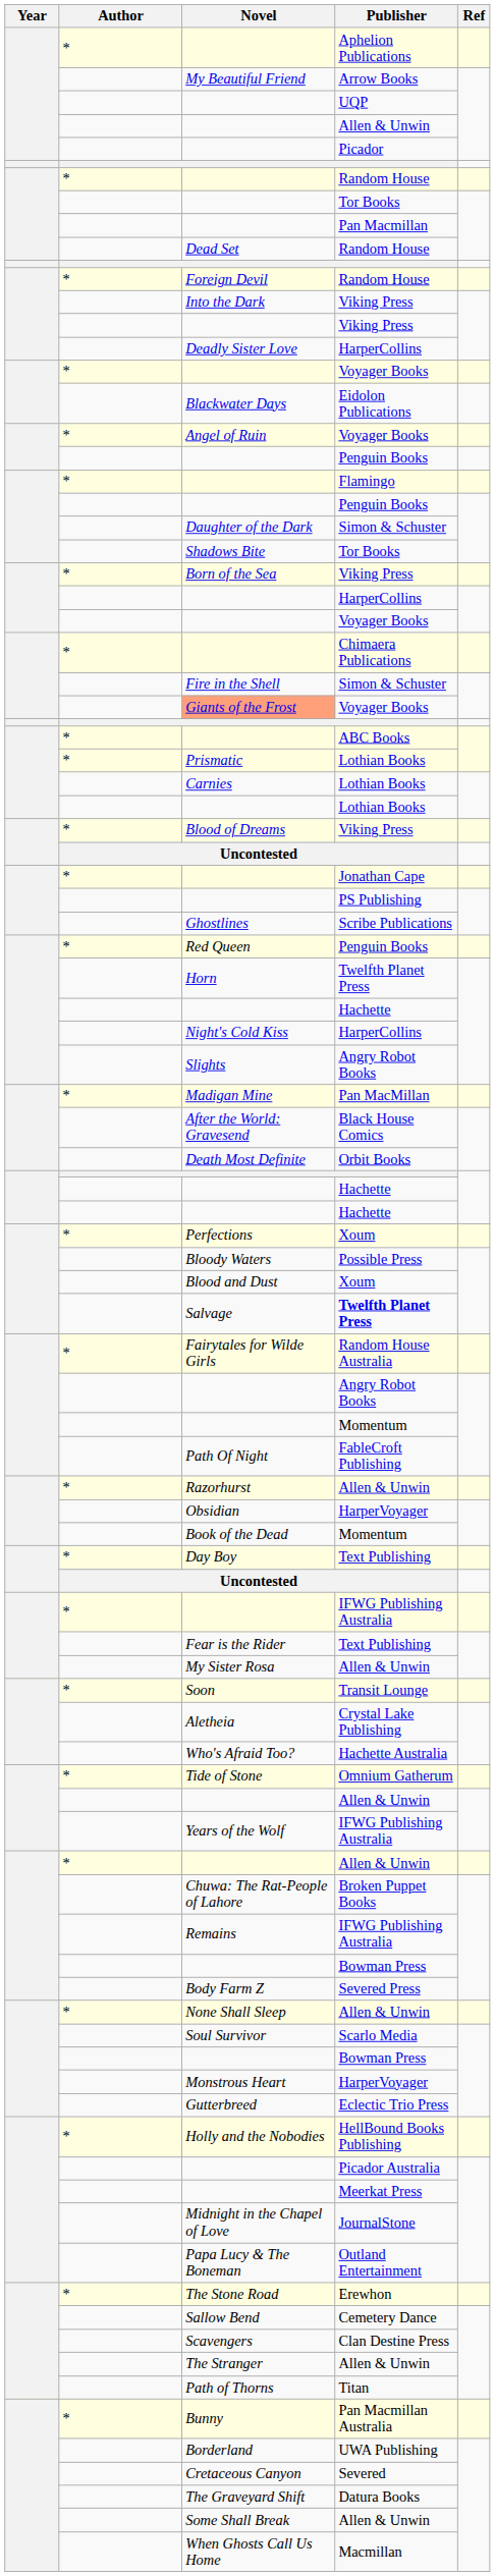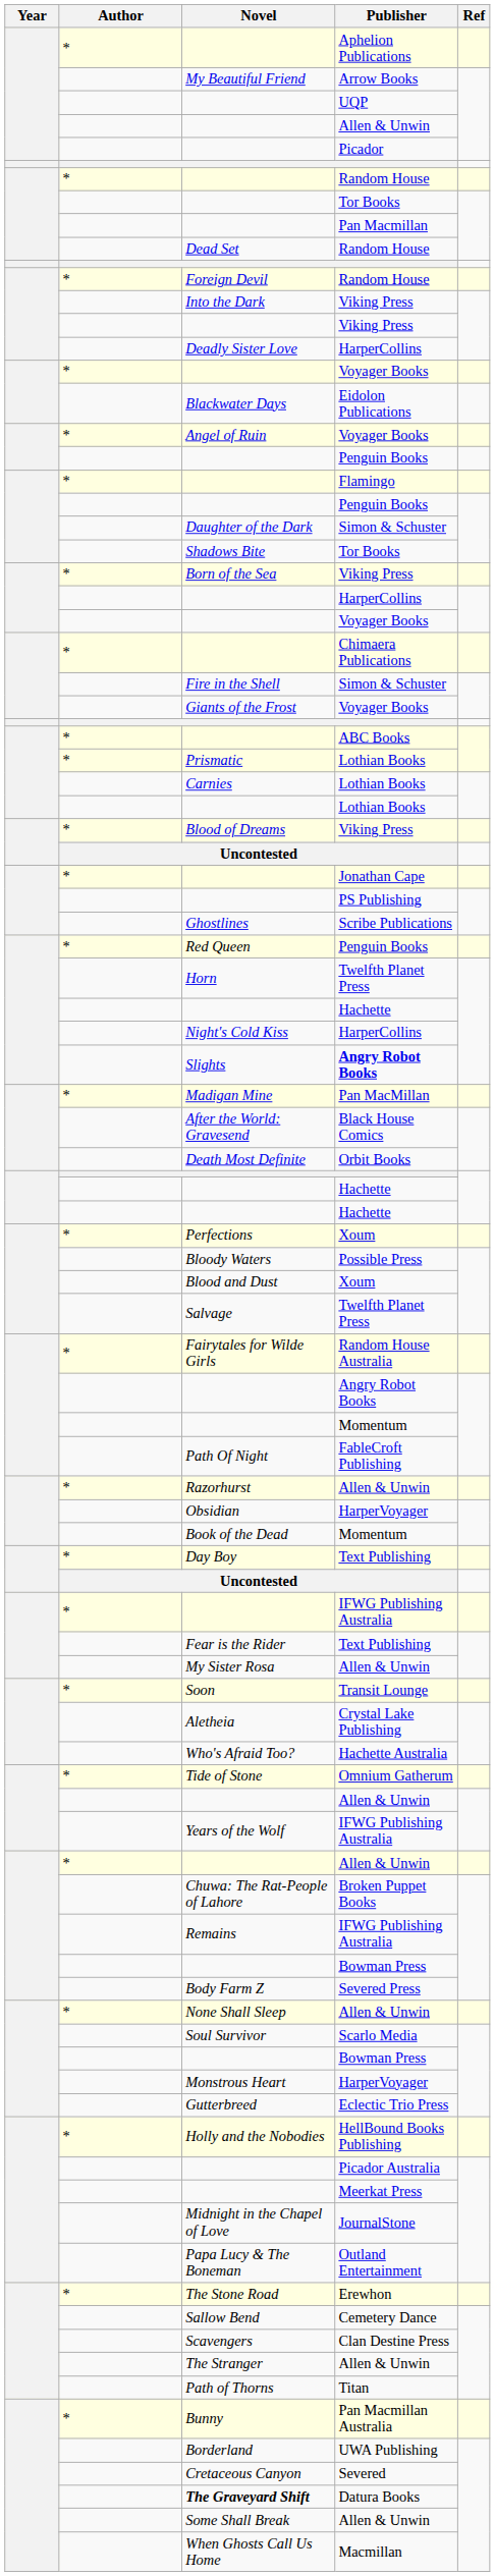 <table class="sortable wikitable" width="85%" cellpadding="5" style="margin: 1em auto 1em auto">
 <tr>
 <th width="10%">Year</th>
 <th width="22.5%">Author</th>
 <th width="28%">Novel</th>
 <th width="22.5%">Publisher</th>
 <th width="5%" class="unsortable">Ref</th>
 </tr>
 <tr style="background:lightyellow;">
 <th rowspan="5" align="center"></th>
 <td>*</td>
 <td></td>
 <td><a href='#'>Aphelion Publications</a></td>
 <td></td>
 </tr>
 <tr>
 <td></td>
 <td><em><a href='#'>My Beautiful Friend</a></em></td>
 <td><a href='#'>Arrow Books</a></td>
 <td rowspan="4"></td>
 </tr>
 <tr>
 <td></td>
 <td></td>
 <td><a href='#'>UQP</a></td>
 </tr>
 <tr>
 <td></td>
 <td></td>
 <td><a href='#'>Allen & Unwin</a></td>
 </tr>
 <tr>
 <td></td>
 <td></td>
 <td><a href='#'>Picador</a></td>
 </tr>
 <tr>
 <th align="center"></th>
 <th colspan="3"></th>
 <td></td>
 </tr>
 <tr style="background:lightyellow;">
 <th rowspan="4" align="center"></th>
 <td>*</td>
 <td></td>
 <td><a href='#'>Random House</a></td>
 <td></td>
 </tr>
 <tr>
 <td></td>
 <td></td>
 <td><a href='#'>Tor Books</a></td>
 <td rowspan="3"></td>
 </tr>
 <tr>
 <td></td>
 <td></td>
 <td><a href='#'>Pan Macmillan</a></td>
 </tr>
 <tr>
 <td></td>
 <td><em><a href='#'>Dead Set</a></em></td>
 <td><a href='#'>Random House</a></td>
 </tr>
 <tr>
 <th align="center"></th>
 <th colspan="3"></th>
 <td></td>
 </tr>
 <tr style="background:lightyellow;">
 <th rowspan="4" align="center"></th>
 <td>*</td>
 <td><em><a href='#'>Foreign Devil</a></em></td>
 <td><a href='#'>Random House</a></td>
 <td></td>
 </tr>
 <tr>
 <td></td>
 <td><em><a href='#'>Into the Dark</a></em></td>
 <td><a href='#'>Viking Press</a></td>
 <td rowspan="3"></td>
 </tr>
 <tr>
 <td></td>
 <td></td>
 <td><a href='#'>Viking Press</a></td>
 </tr>
 <tr>
 <td></td>
 <td><em><a href='#'>Deadly Sister Love</a></em></td>
 <td><a href='#'>HarperCollins</a></td>
 </tr>
 <tr style="background:lightyellow;">
 <th rowspan="2" align="center"></th>
 <td>*</td>
 <td></td>
 <td><a href='#'>Voyager Books</a></td>
 <td></td>
 </tr>
 <tr>
 <td></td>
 <td><em><a href='#'>Blackwater Days</a></em></td>
 <td><a href='#'>Eidolon Publications</a></td>
 <td></td>
 </tr>
 <tr style="background:lightyellow;">
 <th rowspan="2" align="center"></th>
 <td>*</td>
 <td><em><a href='#'>Angel of Ruin</a></em></td>
 <td><a href='#'>Voyager Books</a></td>
 <td></td>
 </tr>
 <tr>
 <td></td>
 <td></td>
 <td><a href='#'>Penguin Books</a></td>
 <td></td>
 </tr>
 <tr style="background:lightyellow;">
 <th rowspan="4" align="center"></th>
 <td>*</td>
 <td></td>
 <td><a href='#'>Flamingo</a></td>
 <td></td>
 </tr>
 <tr>
 <td></td>
 <td></td>
 <td><a href='#'>Penguin Books</a></td>
 <td rowspan="3"></td>
 </tr>
 <tr>
 <td></td>
 <td><em><a href='#'>Daughter of the Dark</a></em></td>
 <td><a href='#'>Simon & Schuster</a></td>
 </tr>
 <tr>
 <td></td>
 <td><em><a href='#'>Shadows Bite</a></em></td>
 <td><a href='#'>Tor Books</a></td>
 </tr>
 <tr style="background:lightyellow;">
 <th rowspan="3" align="center"></th>
 <td>*</td>
 <td><em><a href='#'>Born of the Sea</a></em></td>
 <td><a href='#'>Viking Press</a></td>
 <td></td>
 </tr>
 <tr>
 <td></td>
 <td></td>
 <td><a href='#'>HarperCollins</a></td>
 <td rowspan="2"></td>
 </tr>
 <tr>
 <td></td>
 <td></td>
 <td><a href='#'>Voyager Books</a></td>
 </tr>
 <tr style="background:lightyellow;">
 <th rowspan="3" align="center"></th>
 <td>*</td>
 <td></td>
 <td><a href='#'>Chimaera Publications</a></td>
 <td></td>
 </tr>
 <tr>
 <td></td>
 <td><em><a href='#'>Fire in the Shell</a></em></td>
 <td><a href='#'>Simon & Schuster</a></td>
 <td rowspan="2"></td>
 </tr>
 <tr>
 <td></td>
-<td style="background: lightsalmon;"><em><a href='#'>Giants of the Frost</a></em></td>
+<td><em><a href='#'>Giants of the Frost</a></em></td>
 <td><a href='#'>Voyager Books</a></td>
 </tr>
 <tr>
 <th align="center"></th>
 <th colspan="3"></th>
 <td></td>
 </tr>
 <tr style="background:lightyellow;">
 <th rowspan="4" align="center"></th>
 <td>*</td>
 <td></td>
 <td><a href='#'>ABC Books</a></td>
 <td rowspan="2"></td>
 </tr>
 <tr style="background:lightyellow;">
 <td>*</td>
 <td><em><a href='#'>Prismatic</a></em></td>
 <td><a href='#'>Lothian Books</a></td>
 </tr>
 <tr>
 <td></td>
 <td><em><a href='#'>Carnies</a></em></td>
 <td><a href='#'>Lothian Books</a></td>
 <td rowspan="2"></td>
 </tr>
 <tr>
 <td></td>
 <td></td>
 <td><a href='#'>Lothian Books</a></td>
 </tr>
 <tr style="background:lightyellow;">
 <th rowspan="2" align="center"></th>
 <td>*</td>
 <td><em><a href='#'>Blood of Dreams</a></em></td>
 <td><a href='#'>Viking Press</a></td>
 <td></td>
 </tr>
 <tr>
 <th colspan="3"><strong>Uncontested</strong></th>
 <td></td>
 </tr>
 <tr style="background:lightyellow;">
 <th rowspan="3" align="center"></th>
 <td>*</td>
 <td></td>
 <td><a href='#'>Jonathan Cape</a></td>
 <td></td>
 </tr>
 <tr>
 <td></td>
 <td></td>
 <td><a href='#'>PS Publishing</a></td>
 <td rowspan="2"></td>
 </tr>
 <tr>
 <td></td>
 <td><em><a href='#'>Ghostlines</a></em></td>
 <td><a href='#'>Scribe Publications</a></td>
 </tr>
 <tr style="background:lightyellow;">
 <th rowspan="5" align="center"></th>
 <td>*</td>
 <td><em>Red Queen</em></td>
 <td><a href='#'>Penguin Books</a></td>
 <td></td>
 </tr>
 <tr>
 <td></td>
 <td><em><a href='#'>Horn</a></em></td>
 <td><a href='#'>Twelfth Planet Press</a></td>
 <td rowspan="4"></td>
 </tr>
 <tr>
 <td></td>
 <td></td>
 <td><a href='#'>Hachette</a></td>
 </tr>
 <tr>
 <td></td>
 <td><em><a href='#'>Night's Cold Kiss</a></em></td>
 <td><a href='#'>HarperCollins</a></td>
 </tr>
 <tr>
 <td></td>
 <td><em><a href='#'>Slights</a></em></td>
-<td><a href='#'>Angry Robot Books</a></td>
+<td><strong><a href='#'>Angry Robot Books</a></strong></td>
 </tr>
 <tr style="background:lightyellow;">
 <th rowspan="3" align="center"></th>
 <td>*</td>
 <td><em><a href='#'>Madigan Mine</a></em></td>
 <td><a href='#'>Pan MacMillan</a></td>
 <td></td>
 </tr>
 <tr>
 <td></td>
 <td><em><a href='#'>After the World: Gravesend</a></em></td>
 <td><a href='#'>Black House Comics</a></td>
 <td rowspan="2"></td>
 </tr>
 <tr>
 <td></td>
 <td><em><a href='#'>Death Most Definite</a></em></td>
 <td><a href='#'>Orbit Books</a></td>
 </tr>
 <tr>
 <th rowspan="3" align="center"></th>
 <th colspan="3"></th>
 <td rowspan="3"></td>
 </tr>
 <tr>
 <td></td>
 <td></td>
 <td><a href='#'>Hachette</a></td>
 </tr>
 <tr>
 <td></td>
 <td></td>
 <td><a href='#'>Hachette</a></td>
 </tr>
 <tr style="background:lightyellow;">
 <th rowspan="4" align="center"></th>
 <td>*</td>
 <td><em>Perfections</em></td>
 <td><a href='#'>Xoum</a></td>
 <td></td>
 </tr>
 <tr>
 <td></td>
 <td><em>Bloody Waters</em></td>
 <td><a href='#'>Possible Press</a></td>
 <td rowspan="3"></td>
 </tr>
 <tr>
 <td></td>
 <td><em>Blood and Dust</em></td>
 <td><a href='#'>Xoum</a></td>
 </tr>
 <tr>
 <td></td>
 <td><em>Salvage</em></td>
-<td><strong><a href='#'>Twelfth Planet Press</a></strong></td>
+<td><a href='#'>Twelfth Planet Press</a></td>
 </tr>
 <tr style="background:lightyellow;">
 <th rowspan="4" align="center"></th>
 <td>*</td>
 <td><em>Fairytales for Wilde Girls</em></td>
 <td><a href='#'>Random House Australia</a></td>
 <td></td>
 </tr>
 <tr>
 <td></td>
 <td></td>
 <td><a href='#'>Angry Robot Books</a></td>
 <td rowspan="3"></td>
 </tr>
 <tr>
 <td></td>
 <td></td>
 <td>Momentum</td>
 </tr>
 <tr>
 <td></td>
 <td><em>Path Of Night</em></td>
 <td><a href='#'>FableCroft Publishing</a></td>
 </tr>
 <tr style="background:lightyellow;">
 <th rowspan="3" align="center"></th>
 <td>*</td>
 <td><em>Razorhurst</em></td>
 <td><a href='#'>Allen & Unwin</a></td>
 <td></td>
 </tr>
 <tr>
 <td></td>
 <td><em>Obsidian</em></td>
 <td><a href='#'>HarperVoyager</a></td>
 <td rowspan="2"></td>
 </tr>
 <tr>
 <td></td>
 <td><em>Book of the Dead</em></td>
 <td>Momentum</td>
 </tr>
 <tr style="background:lightyellow;">
 <th rowspan="2" align="center"></th>
 <td>*</td>
 <td><em>Day Boy</em></td>
 <td><a href='#'>Text Publishing</a></td>
 <td></td>
 </tr>
 <tr>
 <th colspan="3"><strong>Uncontested</strong></th>
 <td></td>
 </tr>
 <tr style="background:lightyellow;">
 <th rowspan="3" align="center"></th>
 <td>*</td>
 <td><em></em></td>
 <td><a href='#'>IFWG Publishing Australia</a></td>
 <td></td>
 </tr>
 <tr>
 <td></td>
 <td><em>Fear is the Rider</em></td>
 <td><a href='#'>Text Publishing</a></td>
 <td rowspan="2"></td>
 </tr>
 <tr>
 <td></td>
 <td><em>My Sister Rosa</em></td>
 <td><a href='#'>Allen & Unwin</a></td>
 </tr>
 <tr style="background:lightyellow;">
 <th rowspan="3" align="center"></th>
 <td>*</td>
 <td><em>Soon</em></td>
 <td><a href='#'>Transit Lounge</a></td>
 <td></td>
 </tr>
 <tr>
 <td></td>
 <td><em>Aletheia</em></td>
 <td><a href='#'>Crystal Lake Publishing</a></td>
 <td rowspan="2"></td>
 </tr>
 <tr>
 <td></td>
 <td><em>Who's Afraid Too?</em></td>
 <td><a href='#'>Hachette Australia</a></td>
 </tr>
 <tr style="background:lightyellow;">
 <th rowspan="3" align="center"></th>
 <td>*</td>
 <td><em>Tide of Stone</em></td>
 <td><a href='#'>Omnium Gatherum</a></td>
 <td></td>
 </tr>
 <tr>
 <td></td>
 <td><em></em></td>
 <td><a href='#'>Allen & Unwin</a></td>
 <td rowspan="2"></td>
 </tr>
 <tr>
 <td></td>
 <td><em>Years of the Wolf</em></td>
 <td><a href='#'>IFWG Publishing Australia</a></td>
 </tr>
 <tr style="background:lightyellow;">
 <th rowspan="5" align="center"></th>
 <td>*</td>
 <td></td>
 <td><a href='#'>Allen & Unwin</a></td>
 <td></td>
 </tr>
 <tr>
 <td></td>
 <td><em>Chuwa: The Rat-People of Lahore</em></td>
 <td><a href='#'>Broken Puppet Books</a></td>
 <td rowspan="4"></td>
 </tr>
 <tr>
 <td></td>
 <td><em>Remains</em></td>
 <td><a href='#'>IFWG Publishing Australia</a></td>
 </tr>
 <tr>
 <td></td>
 <td></td>
 <td><a href='#'>Bowman Press</a></td>
 </tr>
 <tr>
 <td></td>
 <td><em>Body Farm Z</em></td>
 <td><a href='#'>Severed Press</a></td>
 </tr>
 <tr style="background:lightyellow;">
 <th rowspan="5" align="center"></th>
 <td>*</td>
 <td><em>None Shall Sleep</em></td>
 <td><a href='#'>Allen & Unwin</a></td>
 <td></td>
 </tr>
 <tr>
 <td></td>
 <td><em>Soul Survivor</em></td>
 <td><a href='#'>Scarlo Media</a></td>
 <td rowspan="4"></td>
 </tr>
 <tr>
 <td></td>
 <td></td>
 <td><a href='#'>Bowman Press</a></td>
 </tr>
 <tr>
 <td></td>
 <td><em>Monstrous Heart</em></td>
 <td><a href='#'>HarperVoyager</a></td>
 </tr>
 <tr>
 <td></td>
 <td><em>Gutterbreed</em></td>
 <td><a href='#'>Eclectic Trio Press</a></td>
 </tr>
 <tr style="background:lightyellow;">
 <th rowspan="5"></th>
 <td>*</td>
 <td><em>Holly and the Nobodies</em></td>
 <td><a href='#'>HellBound Books Publishing</a></td>
 <td></td>
 </tr>
 <tr>
 <td></td>
 <td></td>
 <td><a href='#'>Picador Australia</a></td>
 <td rowspan="4"></td>
 </tr>
 <tr>
 <td></td>
 <td></td>
 <td><a href='#'>Meerkat Press</a></td>
 </tr>
 <tr>
 <td></td>
 <td><em>Midnight in the Chapel of Love</em></td>
 <td><a href='#'>JournalStone</a></td>
 </tr>
 <tr>
 <td></td>
 <td><em>Papa Lucy & The Boneman</em></td>
 <td><a href='#'>Outland Entertainment</a></td>
 </tr>
 <tr style="background:lightyellow;">
 <th rowspan="5"></th>
 <td>*</td>
 <td><em>The Stone Road</em></td>
 <td>Erewhon</td>
 <td></td>
 </tr>
 <tr>
 <td></td>
 <td><em>Sallow Bend</em></td>
 <td>Cemetery Dance</td>
 <td rowspan="4"></td>
 </tr>
 <tr>
 <td></td>
 <td><em>Scavengers</em></td>
 <td>Clan Destine Press</td>
 </tr>
 <tr>
 <td></td>
 <td><em>The Stranger</em></td>
 <td>Allen & Unwin</td>
 </tr>
 <tr>
 <td></td>
 <td><em>Path of Thorns</em></td>
 <td>Titan</td>
 </tr>
 <tr style="background:lightyellow;">
 <th rowspan="6"></th>
 <td>*</td>
 <td><em>Bunny</em></td>
 <td>Pan Macmillan Australia</td>
 <td></td>
 </tr>
 <tr>
 <td></td>
 <td><em>Borderland</em></td>
 <td>UWA Publishing</td>
 <td rowspan="5"></td>
 </tr>
 <tr>
 <td></td>
 <td><em>Cretaceous Canyon</em></td>
 <td>Severed</td>
 </tr>
 <tr>
 <td></td>
-<td><em>The Graveyard Shift </em></td>
+<td><strong><em>The Graveyard Shift </em></strong></td>
 <td>Datura Books</td>
 </tr>
 <tr>
 <td></td>
 <td><em>Some Shall Break</em></td>
 <td>Allen & Unwin</td>
 </tr>
 <tr>
 <td></td>
 <td><em>When Ghosts Call Us Home</em></td>
 <td>Macmillan</td>
 </tr>
 </table>
